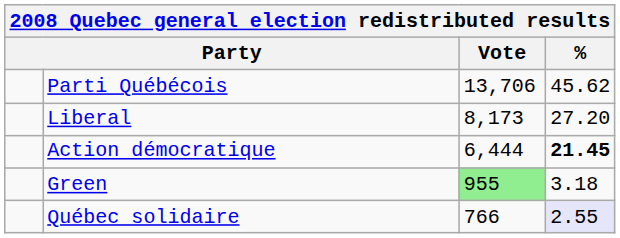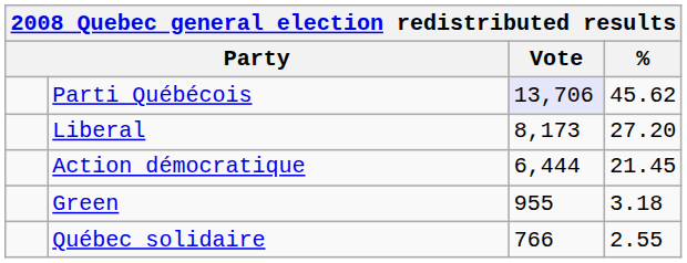 <table class="wikitable">
 <tr>
 <th colspan="4"><a href='#'>2008 Quebec general election</a> redistributed results</th>
 </tr>
 <tr>
 <th bgcolor="#DDDDFF" width="230px" colspan="2">Party</th>
 <th bgcolor="#DDDDFF" width="50px">Vote</th>
 <th bgcolor="#DDDDFF" width="30px">%</th>
 </tr>
 <tr>
 <td> </td>
 <td><a href='#'>Parti Québécois</a></td>
-<td>13,706</td>
+<td style="background: lavender;">13,706</td>
 <td>45.62</td>
 </tr>
 <tr>
 <td> </td>
 <td><a href='#'>Liberal</a></td>
 <td>8,173</td>
 <td>27.20</td>
 </tr>
 <tr>
 <td> </td>
 <td><a href='#'>Action démocratique</a></td>
 <td>6,444</td>
-<td><strong>21.45</strong></td>
+<td>21.45</td>
 </tr>
 <tr>
 <td> </td>
 <td><a href='#'>Green</a></td>
-<td style="background: lightgreen;">955</td>
+<td>955</td>
 <td>3.18</td>
 </tr>
 <tr>
 <td> </td>
 <td><a href='#'>Québec solidaire</a></td>
 <td>766</td>
-<td style="background: lavender;">2.55<br>  </td>
+<td>2.55<br>  </td>
 </tr>
 </table>
